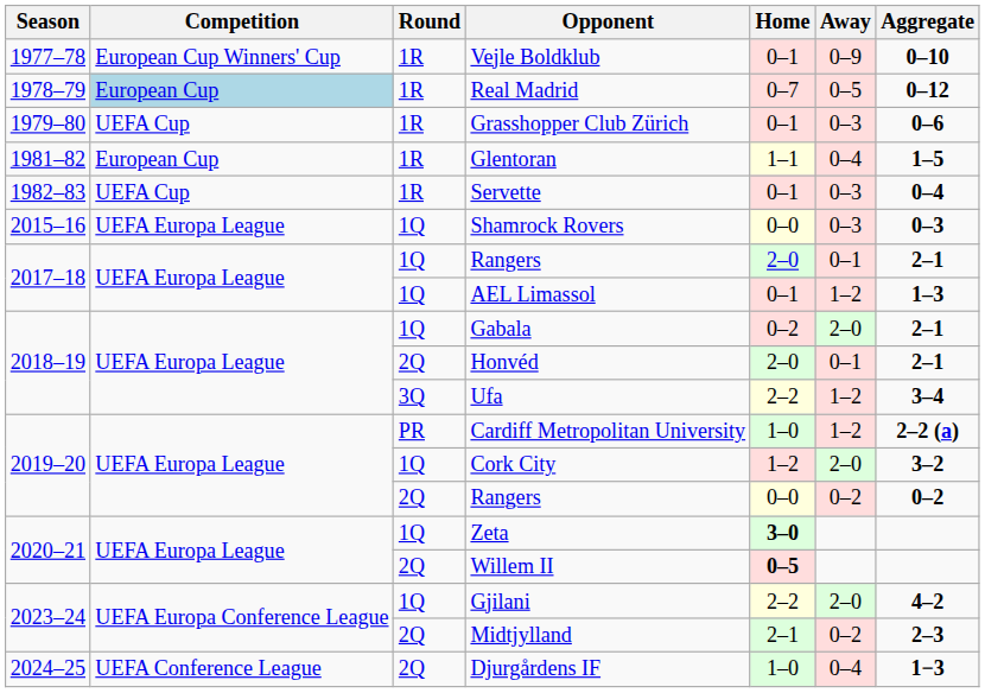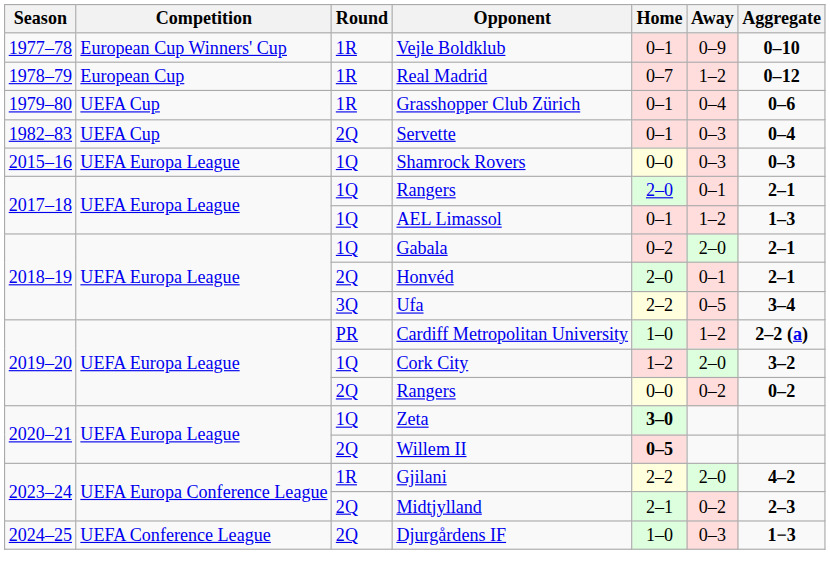 <table class="wikitable" style="text-align:left">
 <tr>
 <th>Season</th>
 <th>Competition</th>
 <th>Round</th>
 <th>Opponent</th>
 <th>Home</th>
 <th>Away</th>
 <th>Aggregate</th>
 </tr>
 <tr>
 <td><a href='#'>1977–78</a></td>
 <td><a href='#'>European Cup Winners' Cup</a></td>
 <td><a href='#'>1R</a></td>
 <td> <a href='#'>Vejle Boldklub</a></td>
 <td style="text-align:center; background:#fdd;">0–1</td>
 <td style="text-align:center; background:#fdd;">0–9</td>
 <td style="text-align:center;"><strong>0–10</strong></td>
 </tr>
 <tr>
 <td><a href='#'>1978–79</a></td>
-<td style="background: lightblue;"><a href='#'>European Cup</a></td>
+<td><a href='#'>European Cup</a></td>
 <td><a href='#'>1R</a></td>
 <td> <a href='#'>Real Madrid</a></td>
 <td style="text-align:center; background:#fdd;">0–7</td>
-<td style="text-align:center; background:#fdd;">0–5</td>
+<td style="text-align:center; background:#fdd;">1–2</td>
 <td style="text-align:center;"><strong>0–12</strong></td>
 </tr>
 <tr>
 <td><a href='#'>1979–80</a></td>
 <td><a href='#'>UEFA Cup</a></td>
 <td><a href='#'>1R</a></td>
 <td> <a href='#'>Grasshopper Club Zürich</a></td>
 <td style="text-align:center; background:#fdd;">0–1</td>
-<td style="text-align:center; background:#fdd;">0–3</td>
+<td style="text-align:center; background:#fdd;">0–4</td>
 <td style="text-align:center;"><strong>0–6</strong></td>
-</tr>
-<tr>
-<td><a href='#'>1981–82</a></td>
-<td><a href='#'>European Cup</a></td>
-<td><a href='#'>1R</a></td>
-<td> <a href='#'>Glentoran</a></td>
-<td style="text-align:center; background:#ffd;">1–1</td>
-<td style="text-align:center; background:#fdd;">0–4</td>
-<td style="text-align:center;"><strong>1–5</strong></td>
 </tr>
 <tr>
 <td><a href='#'>1982–83</a></td>
 <td><a href='#'>UEFA Cup</a></td>
-<td><a href='#'>1R</a></td>
+<td><a href='#'>2Q</a></td>
 <td> <a href='#'>Servette</a></td>
 <td style="text-align:center; background:#fdd;">0–1</td>
 <td style="text-align:center; background:#fdd;">0–3</td>
 <td style="text-align:center;"><strong>0–4</strong></td>
 </tr>
 <tr>
 <td><a href='#'>2015–16</a></td>
 <td><a href='#'>UEFA Europa League</a></td>
 <td><a href='#'>1Q</a></td>
 <td> <a href='#'>Shamrock Rovers</a></td>
 <td style="text-align:center; background:#ffd;">0–0</td>
 <td style="text-align:center; background:#fdd;">0–3</td>
 <td style="text-align:center;"><strong>0–3</strong></td>
 </tr>
 <tr>
 <td rowspan="2"><a href='#'>2017–18</a></td>
 <td rowspan="2"><a href='#'>UEFA Europa League</a></td>
 <td><a href='#'>1Q</a></td>
 <td> <a href='#'>Rangers</a></td>
 <td style="text-align:center; background:#dfd;"><a href='#'>2–0</a></td>
 <td style="text-align:center; background:#fdd;">0–1</td>
 <td style="text-align:center;"><strong>2–1</strong></td>
 </tr>
 <tr>
 <td><a href='#'>1Q</a></td>
 <td> <a href='#'>AEL Limassol</a></td>
 <td style="text-align:center; background:#fdd;">0–1</td>
 <td style="text-align:center; background:#fdd;">1–2</td>
 <td style="text-align:center;"><strong>1–3</strong></td>
 </tr>
 <tr>
 <td rowspan="3"><a href='#'>2018–19</a></td>
 <td rowspan="3"><a href='#'>UEFA Europa League</a></td>
 <td><a href='#'>1Q</a></td>
 <td> <a href='#'>Gabala</a></td>
 <td style="text-align:center; background:#fdd;">0–2</td>
 <td style="text-align:center; background:#dfd;">2–0</td>
 <td style="text-align:center;"><strong>2–1</strong></td>
 </tr>
 <tr>
 <td><a href='#'>2Q</a></td>
 <td> <a href='#'>Honvéd</a></td>
 <td style="text-align:center; background:#dfd;">2–0</td>
 <td style="text-align:center; background:#fdd;">0–1</td>
 <td style="text-align:center;"><strong>2–1</strong></td>
 </tr>
 <tr>
 <td><a href='#'>3Q</a></td>
 <td> <a href='#'>Ufa</a></td>
 <td style="text-align:center; background:#ffd;">2–2</td>
-<td style="text-align:center; background:#fdd;">1–2</td>
+<td style="text-align:center; background:#fdd;">0–5</td>
 <td style="text-align:center;"><strong>3–4</strong></td>
 </tr>
 <tr>
 <td rowspan="3"><a href='#'>2019–20</a></td>
 <td rowspan="3"><a href='#'>UEFA Europa League</a></td>
 <td><a href='#'>PR</a></td>
 <td> <a href='#'>Cardiff Metropolitan University</a></td>
 <td style="text-align:center; background:#dfd;">1–0</td>
 <td style="text-align:center; background:#fdd;">1–2</td>
 <td style="text-align:center;"><strong>2–2 (<a href='#'>a</a>)</strong></td>
 </tr>
 <tr>
 <td><a href='#'>1Q</a></td>
 <td> <a href='#'>Cork City</a></td>
 <td style="text-align:center; background:#fdd;">1–2</td>
 <td style="text-align:center; background:#dfd;">2–0</td>
 <td style="text-align:center;"><strong>3–2</strong></td>
 </tr>
 <tr>
 <td><a href='#'>2Q</a></td>
 <td> <a href='#'>Rangers</a></td>
 <td style="text-align:center; background:#ffd;">0–0</td>
 <td style="text-align:center; background:#fdd;">0–2</td>
 <td style="text-align:center;"><strong>0–2</strong></td>
 </tr>
 <tr>
 <td rowspan="2"><a href='#'>2020–21</a></td>
 <td rowspan="2"><a href='#'>UEFA Europa League</a></td>
 <td><a href='#'>1Q</a></td>
 <td> <a href='#'>Zeta</a></td>
 <td style="text-align:center; background:#dfd;"><strong>3–0</strong></td>
 <td></td>
 <td></td>
 </tr>
 <tr>
 <td><a href='#'>2Q</a></td>
 <td> <a href='#'>Willem II</a></td>
 <td style="text-align:center; background:#fdd;"><strong>0–5</strong></td>
 <td></td>
 <td></td>
 </tr>
 <tr>
 <td rowspan=2><a href='#'>2023–24</a></td>
 <td rowspan=2><a href='#'>UEFA Europa Conference League</a></td>
-<td><a href='#'>1Q</a></td>
+<td><a href='#'>1R</a></td>
 <td> <a href='#'>Gjilani</a></td>
 <td style="text-align:center; background:#ffd;">2–2</td>
 <td style="text-align:center; background:#dfd;">2–0</td>
 <td style="text-align:center;"><strong>4–2</strong></td>
 </tr>
 <tr>
 <td><a href='#'>2Q</a></td>
 <td> <a href='#'>Midtjylland</a></td>
 <td style="text-align:center; background:#dfd;">2–1 </td>
 <td style="text-align:center; background:#fdd;">0–2</td>
 <td style="text-align:center;"><strong>2–3</strong></td>
 </tr>
 <tr>
 <td><a href='#'>2024–25</a></td>
 <td><a href='#'>UEFA Conference League</a></td>
 <td><a href='#'>2Q</a></td>
 <td>  <a href='#'>Djurgårdens IF</a></td>
 <td style="text-align:center; background:#dfd;">1–0</td>
-<td style="text-align:center; background:#fdd;">0–4</td>
+<td style="text-align:center; background:#fdd;">0–3</td>
 <td style="text-align:center;"><strong>1−3</strong></td>
 </tr>
 </table>
